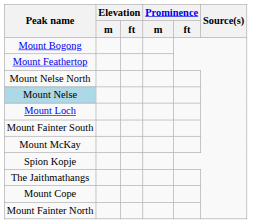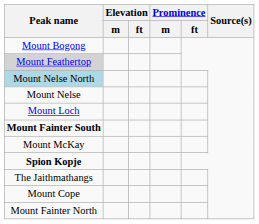 <table class="wikitable sortable plainrowheaders" style="text-align:center;">
 <tr>
 <th scope="col" rowspan="2">Peak name</th>
 <th scope="col" colspan="2">Elevation</th>
 <th scope="col" colspan="2"><a href='#'>Prominence</a></th>
 <th scope="col" rowspan="2">Source(s)</th>
 </tr>
 <tr>
 <th scope="col">m</th>
 <th scope="col">ft</th>
 <th scope="col">m</th>
 <th scope="col">ft</th>
 </tr>
 <tr>
 <td scope="row"><a href='#'>Mount Bogong</a></td>
 <td></td>
 <td></td>
 <td></td>
 </tr>
 <tr>
-<td scope="row"><a href='#'>Mount Feathertop</a></td>
+<td scope="row" style="background: lightgrey;"><a href='#'>Mount Feathertop</a></td>
 <td></td>
 <td></td>
 <td></td>
 </tr>
 <tr>
-<td scope="row">Mount Nelse North</td>
+<td scope="row" style="background: lightblue;">Mount Nelse North</td>
 <td></td>
 <td></td>
 <td></td>
 <td></td>
 </tr>
 <tr>
-<td scope="row" style="background: lightblue;">Mount Nelse</td>
+<td scope="row">Mount Nelse</td>
 <td></td>
 <td></td>
 <td></td>
 <td></td>
 </tr>
 <tr>
 <td scope="row"><a href='#'>Mount Loch</a></td>
 <td></td>
 <td></td>
 <td></td>
 <td></td>
 </tr>
 <tr>
-<td scope="row">Mount Fainter South</td>
+<td scope="row"><strong>Mount Fainter South</strong></td>
 <td></td>
 <td></td>
 <td></td>
 <td></td>
 </tr>
 <tr>
 <td scope="row">Mount McKay</td>
 <td></td>
 <td></td>
 <td></td>
 <td></td>
 </tr>
 <tr>
-<td scope="row">Spion Kopje</td>
+<td scope="row"><strong>Spion Kopje</strong></td>
 <td></td>
 <td></td>
 <td></td>
 </tr>
 <tr>
 <td scope="row">The Jaithmathangs</td>
 <td></td>
 <td></td>
 <td></td>
 <td></td>
 </tr>
 <tr>
 <td scope="row">Mount Cope</td>
 <td></td>
 <td></td>
 <td></td>
 <td></td>
 </tr>
 <tr>
 <td scope="row">Mount Fainter North</td>
 <td></td>
 <td></td>
 <td></td>
 <td></td>
 </tr>
 </table>
